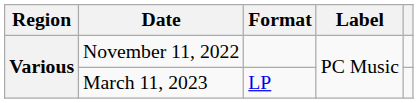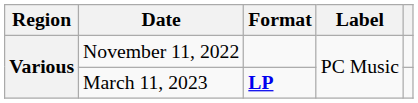 <table class="wikitable plainrowheaders">
 <tr>
 <th scope="col">Region</th>
 <th scope="col">Date</th>
 <th scope="col">Format</th>
 <th scope="col">Label</th>
 <th scope="col"></th>
 </tr>
 <tr>
 <th scope="row" rowspan="2">Various</th>
 <td>November 11, 2022</td>
 <td></td>
 <td rowspan="2">PC Music</td>
 <td></td>
 </tr>
 <tr>
 <td>March 11, 2023</td>
-<td><a href='#'>LP</a></td>
+<td><strong><a href='#'>LP</a></strong></td>
 <td></td>
 </tr>
 </table>
